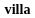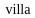 <table align="right" cellpadding=0px cellspacing=8px>
 <tr>
 <td></td>
 <td></td>
 <td></td>
 <td></td>
 </tr>
 <tr>
-<td><strong><small> villa</small></strong></td>
+<td><small> villa</small></td>
 </tr>
 </table>
